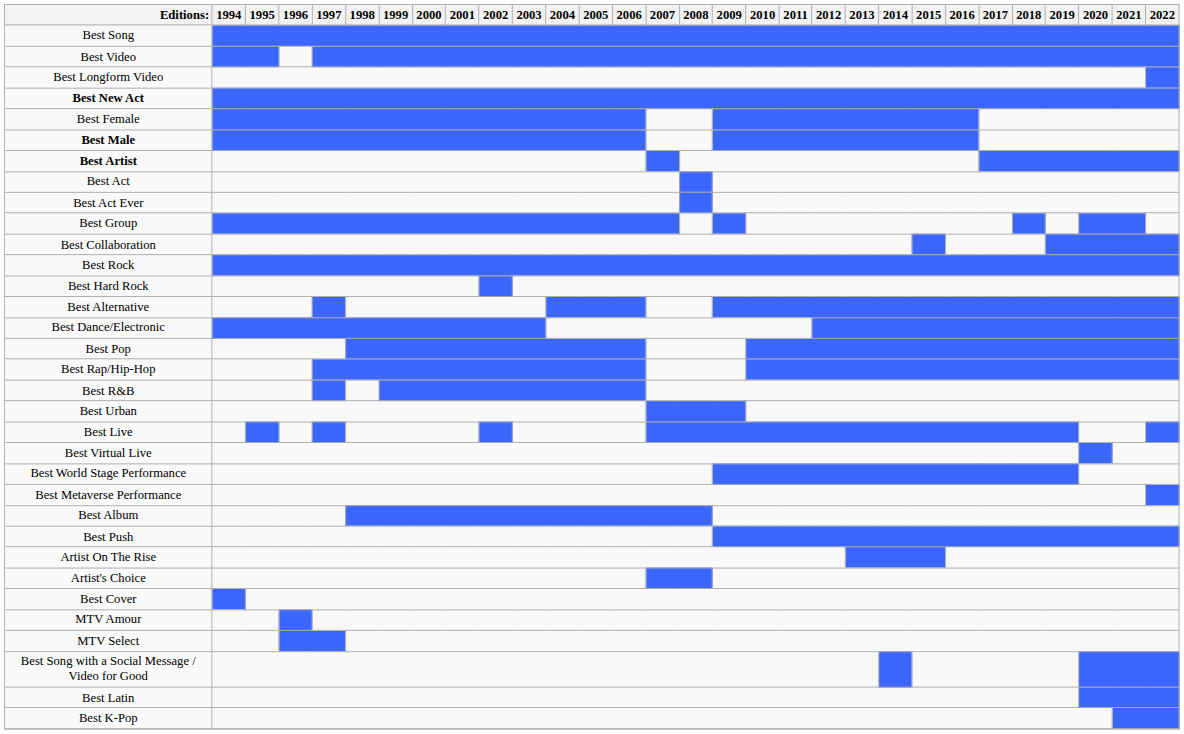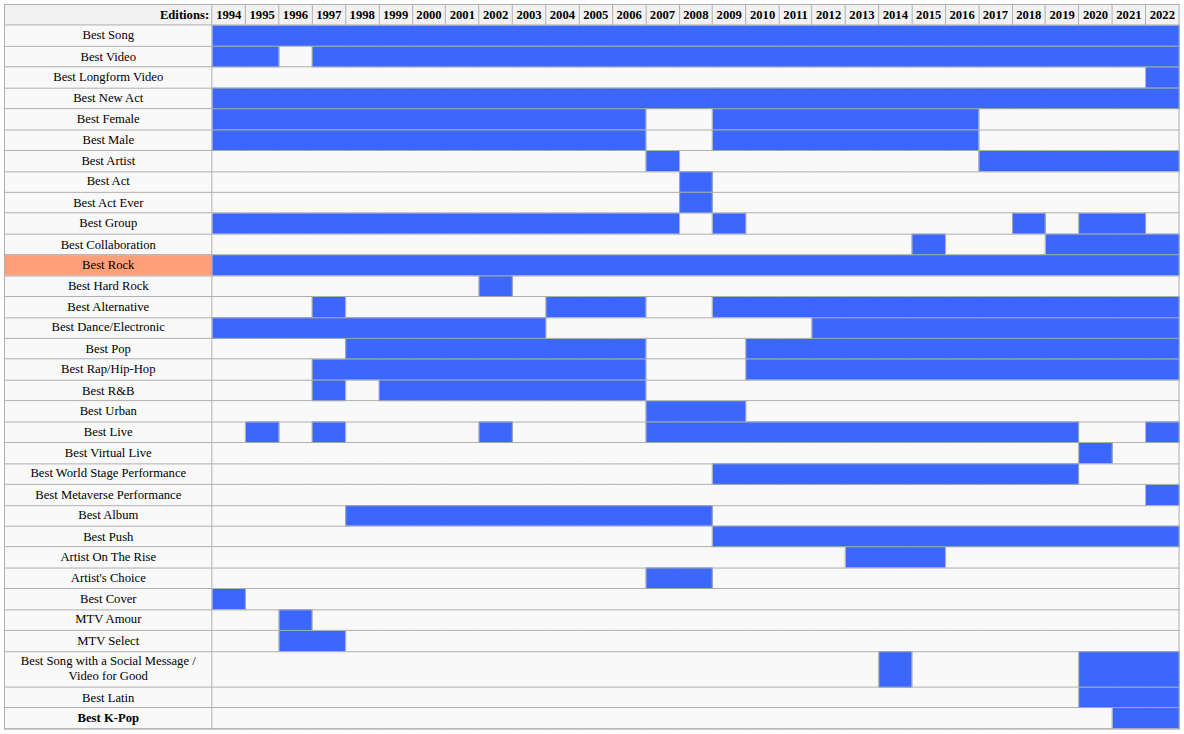 <table class="wikitable" width="100%" cellspacing="0" cellpadding="1" style="font-size:85%; text-align:center; margin:0">
 <tr style="vertical-align:top; text-align:left">
 <th style="text-align:right">Editions:</th>
 <th width="1%" style="border-left:1px solid #C7C7C7">1994</th>
 <th width="1%" style="border-left:1px solid #C7C7C7">1995</th>
 <th width="1%" style="border-left:1px solid #C7C7C7">1996</th>
 <th width="1%" style="border-left:1px solid #C7C7C7">1997</th>
 <th width="1%" style="border-left:1px solid #C7C7C7">1998</th>
 <th width="1%" style="border-left:1px solid #C7C7C7">1999</th>
 <th width="1%" style="border-left:1px solid #C7C7C7">2000</th>
 <th width="1%" style="border-left:1px solid #C7C7C7">2001</th>
 <th width="1%" style="border-left:1px solid #C7C7C7">2002</th>
 <th width="1%" style="border-left:1px solid #C7C7C7">2003</th>
 <th width="1%" style="border-left:1px solid #C7C7C7">2004</th>
 <th width="1%" style="border-left:1px solid #C7C7C7">2005</th>
 <th width="1%" style="border-left:1px solid #C7C7C7">2006</th>
 <th width="1%" style="border-left:1px solid #C7C7C7">2007</th>
 <th width="1%" style="border-left:1px solid #C7C7C7">2008</th>
 <th width="1%" style="border-left:1px solid #C7C7C7">2009</th>
 <th width="1%" style="border-left:1px solid #C7C7C7">2010</th>
 <th width="1%" style="border-left:1px solid #C7C7C7">2011</th>
 <th width="1%" style="border-left:1px solid #C7C7C7">2012</th>
 <th width="1%" style="border-left:1px solid #C7C7C7">2013</th>
 <th width="1%" style="border-left:1px solid #C7C7C7">2014</th>
 <th width="1%" style="border-left:1px solid #C7C7C7">2015</th>
 <th width="1%" style="border-left:1px solid #C7C7C7">2016</th>
 <th width="1%" style="border-left:1px solid #C7C7C7">2017</th>
 <th width="1%" style="border-left:1px solid #C7C7C7">2018</th>
 <th width="1%" style="border-left:1px solid #C7C7C7">2019</th>
 <th width="1%" style="border-left:1px solid #C7C7C7">2020</th>
 <th width="1%" style="border-left:1px solid #C7C7C7">2021</th>
 <th width="1%" style="border-left:1px solid #C7C7C7">2022</th>
 </tr>
 <tr>
 <td width="15%">Best Song</td>
 <td colspan="29" style="background:#3C67FF"></td>
 </tr>
 <tr>
 <td width="15%">Best Video</td>
 <td colspan="2" style="background:#3C67FF"></td>
 <td></td>
 <td colspan="26" style="background:#3C67FF"></td>
 </tr>
 <tr>
 <td width="15%">Best Longform Video</td>
 <td colspan="28"></td>
 <td colspan="1" style="background:#3C67FF"></td>
 </tr>
 <tr>
-<td width="15%"><strong>Best New Act</strong></td>
+<td width="15%">Best New Act</td>
 <td colspan="29" style="background:#3C67FF"></td>
 </tr>
 <tr>
 <td width="15%">Best Female</td>
 <td colspan="13" style="background:#3C67FF"></td>
 <td colspan="2"></td>
 <td colspan="8" style="background:#3C67FF"></td>
 <td colspan="6"></td>
 </tr>
 <tr>
-<td width="15%"><strong>Best Male</strong></td>
+<td width="15%">Best Male</td>
 <td colspan="13" style="background:#3C67FF"></td>
 <td colspan="2"></td>
 <td colspan="8" style="background:#3C67FF"></td>
 <td colspan="6"></td>
 </tr>
 <tr>
-<td width="15%"><strong>Best Artist</strong></td>
+<td width="15%">Best Artist</td>
 <td colspan="13"></td>
 <td style="background:#3C67FF"></td>
 <td colspan="9"></td>
 <td colspan="6" style="background:#3C67FF"></td>
 </tr>
 <tr>
 <td width="15%">Best Act</td>
 <td colspan="14"></td>
 <td style="background:#3C67FF"></td>
 <td colspan="14"></td>
 </tr>
 <tr>
 <td width="15%">Best Act Ever</td>
 <td colspan="14"></td>
 <td style="background:#3C67FF"></td>
 <td colspan="14"></td>
 </tr>
 <tr>
 <td width="15%">Best Group</td>
 <td colspan="14" style="background:#3C67FF"></td>
 <td></td>
 <td style="background:#3C67FF"></td>
 <td colspan="8"></td>
 <td style="background:#3C67FF"></td>
 <td></td>
 <td colspan="2" style="background:#3C67FF"></td>
 <td></td>
 </tr>
 <tr>
 <td width="15%">Best Collaboration</td>
 <td colspan="21"></td>
 <td style="background:#3C67FF"></td>
 <td colspan="3"></td>
 <td colspan="4" style="background:#3C67FF"></td>
 </tr>
 <tr>
-<td width="15%">Best Rock</td>
+<td width="15%" style="background: lightsalmon;">Best Rock</td>
 <td colspan="29" style="background:#3C67FF"></td>
 </tr>
 <tr>
 <td width="15%">Best Hard Rock</td>
 <td colspan="8"></td>
 <td style="background:#3C67FF"></td>
 <td colspan="20"></td>
 </tr>
 <tr>
 <td width="15%">Best Alternative</td>
 <td colspan="3"></td>
 <td style="background:#3C67FF"></td>
 <td colspan="6"></td>
 <td colspan="3" style="background:#3C67FF"></td>
 <td colspan="2"></td>
 <td colspan="14" style="background:#3C67FF"></td>
 </tr>
 <tr>
 <td width="15%">Best Dance/Electronic</td>
 <td colspan="10" style="background:#3C67FF"></td>
 <td colspan="8"></td>
 <td colspan="11" style="background:#3C67FF"></td>
 </tr>
 <tr>
 <td width="15%">Best Pop</td>
 <td colspan="4"></td>
 <td colspan="9"  style="background:#3C67FF"></td>
 <td colspan="3"></td>
 <td colspan="13" style="background:#3C67FF"></td>
 </tr>
 <tr>
 <td width="15%">Best Rap/Hip-Hop</td>
 <td colspan="3"></td>
 <td colspan="10" style="background:#3C67FF"></td>
 <td colspan="3"></td>
 <td colspan="13" style="background:#3C67FF"></td>
 </tr>
 <tr>
 <td width="15%">Best R&B</td>
 <td colspan="3"></td>
 <td style="background:#3C67FF"></td>
 <td></td>
 <td colspan="8" style="background:#3C67FF"></td>
 <td colspan="16"></td>
 </tr>
 <tr>
 <td width="15%">Best Urban</td>
 <td colspan="13"></td>
 <td colspan="3" style="background:#3C67FF"></td>
 <td colspan="13"></td>
 </tr>
 <tr>
 <td width="15%">Best Live</td>
 <td></td>
 <td style="background:#3C67FF"></td>
 <td></td>
 <td style="background:#3C67FF"></td>
 <td colspan="4"></td>
 <td style="background:#3C67FF"></td>
 <td colspan="4"></td>
 <td colspan="13" style="background:#3C67FF"></td>
 <td colspan="2"></td>
 <td style="background:#3C67FF"></td>
 </tr>
 <tr>
 <td width="15%">Best Virtual Live</td>
 <td colspan="26"></td>
 <td style="background:#3C67FF"></td>
 <td colspan="2"></td>
 </tr>
 <tr>
 <td width="15%">Best World Stage Performance</td>
 <td colspan="15"></td>
 <td colspan="11" style="background:#3C67FF"></td>
 <td colspan="3"></td>
 </tr>
 <tr>
 <td width="15%">Best Metaverse Performance</td>
 <td colspan="28"></td>
 <td colspan="1" style="background:#3C67FF"></td>
 </tr>
 <tr>
 <td width="15%">Best Album</td>
 <td colspan="4"></td>
 <td colspan="11" style="background:#3C67FF"></td>
 <td colspan="14"></td>
 </tr>
 <tr>
 <td width="15%">Best Push</td>
 <td colspan="15"></td>
 <td colspan="14" style="background:#3C67FF"></td>
 </tr>
 <tr>
 <td width="15%">Artist On The Rise</td>
 <td colspan="19"></td>
 <td colspan="3" style="background:#3C67FF"></td>
 <td colspan="7"></td>
 </tr>
 <tr>
 <td width="15%">Artist's Choice</td>
 <td colspan="13"></td>
 <td colspan="2" style="background:#3C67FF"></td>
 <td colspan="14"></td>
 </tr>
 <tr>
 <td width="15%">Best Cover</td>
 <td style="background:#3C67FF"></td>
 <td colspan="28"></td>
 </tr>
 <tr>
 <td width="15%">MTV Amour</td>
 <td colspan="2"></td>
 <td style="background:#3C67FF"></td>
 <td colspan="26"></td>
 </tr>
 <tr>
 <td width="15%">MTV Select</td>
 <td colspan="2"></td>
 <td colspan="2" style="background:#3C67FF"></td>
 <td colspan="25"></td>
 </tr>
 <tr>
 <td width="15%">Best Song with a Social Message / Video for Good</td>
 <td colspan="20"></td>
 <td style="background:#3C67FF"></td>
 <td colspan="5"></td>
 <td colspan="3" style="background:#3C67FF"></td>
 </tr>
 <tr>
 <td width="15%">Best Latin</td>
 <td colspan="26"></td>
 <td colspan="3" style="background:#3C67FF"></td>
 </tr>
 <tr>
-<td width="15%">Best K-Pop</td>
+<td width="15%"><strong>Best K-Pop</strong></td>
 <td colspan="27"></td>
 <td colspan="2" style="background:#3C67FF"></td>
 </tr>
 <tr>
 </tr>
 </table>
